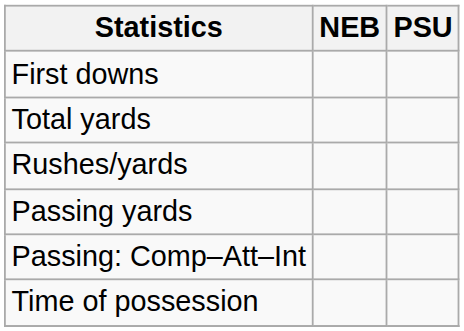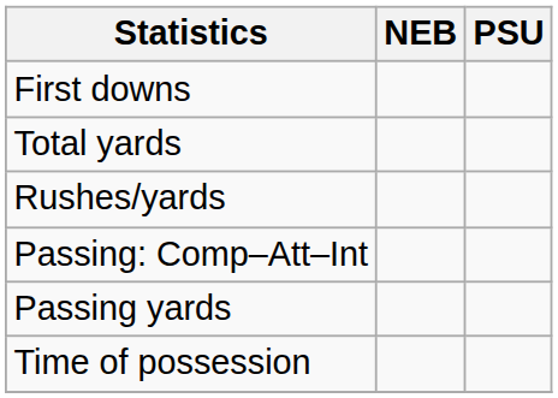 <table class="wikitable" style="float: left;">
 <tr>
 <th>Statistics</th>
 <th>NEB</th>
 <th>PSU</th>
 </tr>
 <tr>
 <td>First downs</td>
 <td></td>
 <td></td>
 </tr>
 <tr>
 <td>Total yards</td>
 <td></td>
 <td></td>
 </tr>
 <tr>
 <td>Rushes/yards</td>
 <td></td>
 <td></td>
 </tr>
 <tr>
-<td>Passing yards</td>
+<td>Passing: Comp–Att–Int</td>
 <td></td>
 <td></td>
 </tr>
 <tr>
-<td>Passing: Comp–Att–Int</td>
+<td>Passing yards</td>
 <td></td>
 <td></td>
 </tr>
 <tr>
 <td>Time of possession</td>
 <td></td>
 <td></td>
 </tr>
 <tr>
 </tr>
 </table>
